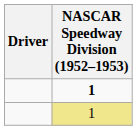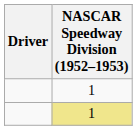 <table class="wikitable" style="margin-top:0em; text-align:center; font-size:90%;">
 <tr>
 <th>Driver</th>
 <th valign="bottom">NASCAR<br>Speedway<br>Division<br>(1952–1953)<br></th>
 </tr>
 <tr>
 <td align=left> </td>
-<td><strong>1</strong></td>
+<td>1</td>
 </tr>
 <tr>
 <td align=left> </td>
 <td style="background: khaki;">1</td>
 </tr>
 </table>
